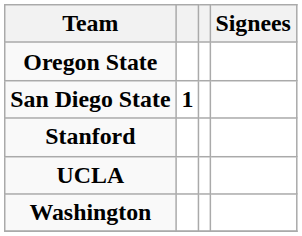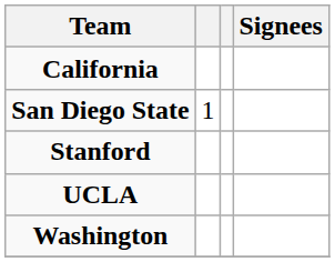 <table class="wikitable">
 <tr>
 <th>Team</th>
 <th></th>
 <th></th>
 <th>Signees</th>
 </tr>
 <tr style="text-align:center;">
-<td><strong>Oregon State</strong></td>
+<td><strong>California</strong></td>
 <td style="text-align:center; background:white"></td>
 <td style="text-align:center; background:white"></td>
 <td style="text-align:center; background:white"></td>
 </tr>
 <tr style="text-align:center;">
 <td><strong>San Diego State</strong></td>
-<td style="text-align:center; background:white"><strong>1</strong></td>
+<td style="text-align:center; background:white">1</td>
 <td style="text-align:center; background:white"></td>
 <td style="text-align:center; background:white"></td>
 </tr>
 <tr style="text-align:center;">
 <td><strong>Stanford</strong></td>
 <td style="text-align:center; background:white"></td>
 <td style="text-align:center; background:white"></td>
 <td style="text-align:center; background:white"></td>
 </tr>
 <tr style="text-align:center;">
 <td><strong>UCLA</strong></td>
 <td style="text-align:center; background:white"></td>
 <td style="text-align:center; background:white"></td>
 <td style="text-align:center; background:white"></td>
 </tr>
 <tr style="text-align:center;">
 <td><strong>Washington</strong></td>
 <td style="text-align:center; background:white"></td>
 <td style="text-align:center; background:white"></td>
 <td style="text-align:center; background:white"></td>
 </tr>
 <tr style="text-align:center;">
 </tr>
 </table>
